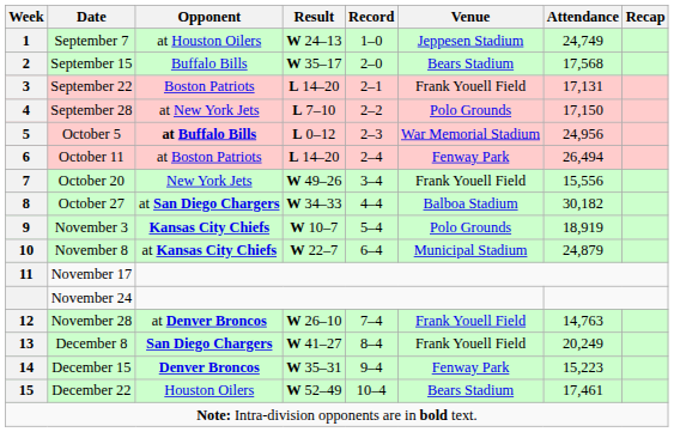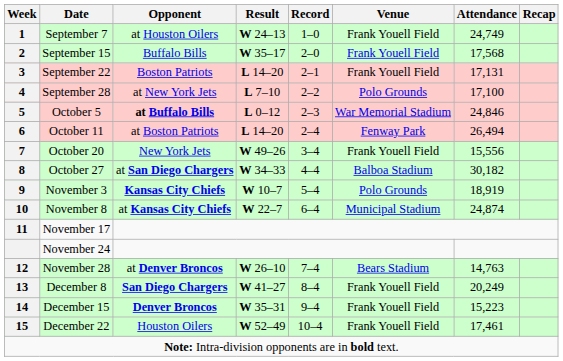 <table class="wikitable" style="text-align:center">
 <tr>
 <th>Week</th>
 <th>Date</th>
 <th>Opponent</th>
 <th>Result</th>
 <th>Record</th>
 <th>Venue</th>
 <th>Attendance</th>
 <th>Recap</th>
 </tr>
 <tr style="background:#cfc">
 <th>1</th>
 <td>September 7</td>
 <td>at <a href='#'>Houston Oilers</a></td>
 <td><strong>W</strong> 24–13</td>
 <td>1–0</td>
-<td><a href='#'>Jeppesen Stadium</a></td>
+<td>Frank Youell Field</td>
 <td>24,749</td>
 <td></td>
 </tr>
 <tr style="background:#cfc">
 <th>2</th>
 <td>September 15</td>
 <td><a href='#'>Buffalo Bills</a></td>
 <td><strong>W</strong> 35–17</td>
 <td>2–0</td>
-<td><a href='#'>Bears Stadium</a></td>
+<td><a href='#'>Frank Youell Field</a></td>
 <td>17,568</td>
 <td></td>
 </tr>
 <tr style="background:#fcc">
 <th>3</th>
 <td>September 22</td>
 <td><a href='#'>Boston Patriots</a></td>
 <td><strong>L</strong> 14–20</td>
 <td>2–1</td>
 <td>Frank Youell Field</td>
 <td>17,131</td>
 <td></td>
 </tr>
 <tr style="background:#fcc">
 <th>4</th>
 <td>September 28</td>
 <td>at <a href='#'>New York Jets</a></td>
 <td><strong>L</strong> 7–10</td>
 <td>2–2</td>
 <td><a href='#'>Polo Grounds</a></td>
-<td>17,150</td>
+<td>17,100</td>
 <td></td>
 </tr>
 <tr style="background:#fcc">
 <th>5</th>
 <td>October 5</td>
 <td><strong>at <a href='#'>Buffalo Bills</a></strong></td>
 <td><strong>L</strong> 0–12</td>
 <td>2–3</td>
 <td><a href='#'>War Memorial Stadium</a></td>
-<td>24,956</td>
+<td>24,846</td>
 <td></td>
 </tr>
 <tr style="background:#fcc">
 <th>6</th>
 <td>October 11</td>
 <td>at <a href='#'>Boston Patriots</a></td>
 <td><strong>L</strong> 14–20</td>
 <td>2–4</td>
 <td><a href='#'>Fenway Park</a></td>
 <td>26,494</td>
 <td></td>
 </tr>
 <tr style="background:#cfc">
 <th>7</th>
 <td>October 20</td>
 <td><a href='#'>New York Jets</a></td>
 <td><strong>W</strong> 49–26</td>
 <td>3–4</td>
 <td>Frank Youell Field</td>
 <td>15,556</td>
 <td></td>
 </tr>
 <tr style="background:#cfc">
 <th>8</th>
 <td>October 27</td>
 <td>at <strong><a href='#'>San Diego Chargers</a></strong></td>
 <td><strong>W</strong> 34–33</td>
 <td>4–4</td>
 <td><a href='#'>Balboa Stadium</a></td>
 <td>30,182</td>
 <td></td>
 </tr>
 <tr style="background:#cfc">
 <th>9</th>
 <td>November 3</td>
 <td><strong><a href='#'>Kansas City Chiefs</a></strong></td>
 <td><strong>W</strong> 10–7</td>
 <td>5–4</td>
 <td><a href='#'>Polo Grounds</a></td>
 <td>18,919</td>
 <td></td>
 </tr>
 <tr style="background:#cfc">
 <th>10</th>
 <td>November 8</td>
 <td>at <strong><a href='#'>Kansas City Chiefs</a></strong></td>
 <td><strong>W</strong> 22–7</td>
 <td>6–4</td>
 <td><a href='#'>Municipal Stadium</a></td>
-<td>24,879</td>
+<td>24,874</td>
 <td></td>
 </tr>
 <tr>
 <th>11</th>
 <td>November 17</td>
 <td colspan="7"></td>
 </tr>
 <tr>
 <th align=center></th>
 <td>November 24</td>
 <td colspan="4"></td>
 </tr>
 <tr style="background:#cfc">
 <th>12</th>
 <td>November 28</td>
 <td>at <strong><a href='#'>Denver Broncos</a></strong></td>
 <td><strong>W</strong> 26–10</td>
 <td>7–4</td>
-<td><a href='#'>Frank Youell Field</a></td>
+<td><a href='#'>Bears Stadium</a></td>
 <td>14,763</td>
 <td></td>
 </tr>
 <tr style="background:#cfc">
 <th>13</th>
 <td>December 8</td>
 <td><strong><a href='#'>San Diego Chargers</a></strong></td>
 <td><strong>W</strong> 41–27</td>
 <td>8–4</td>
 <td>Frank Youell Field</td>
 <td>20,249</td>
 <td></td>
 </tr>
 <tr style="background:#cfc">
 <th>14</th>
 <td>December 15</td>
 <td><strong><a href='#'>Denver Broncos</a></strong></td>
 <td><strong>W</strong> 35–31</td>
 <td>9–4</td>
-<td><a href='#'>Fenway Park</a></td>
+<td>Frank Youell Field</td>
 <td>15,223</td>
 <td></td>
 </tr>
 <tr style="background:#cfc">
 <th>15</th>
 <td>December 22</td>
 <td><a href='#'>Houston Oilers</a></td>
 <td><strong>W</strong> 52–49</td>
 <td>10–4</td>
-<td><a href='#'>Bears Stadium</a></td>
+<td>Frank Youell Field</td>
 <td>17,461</td>
 <td></td>
 </tr>
 <tr>
 <td colspan="8"><strong>Note:</strong> Intra-division opponents are in <strong>bold</strong> text.</td>
 </tr>
 </table>
